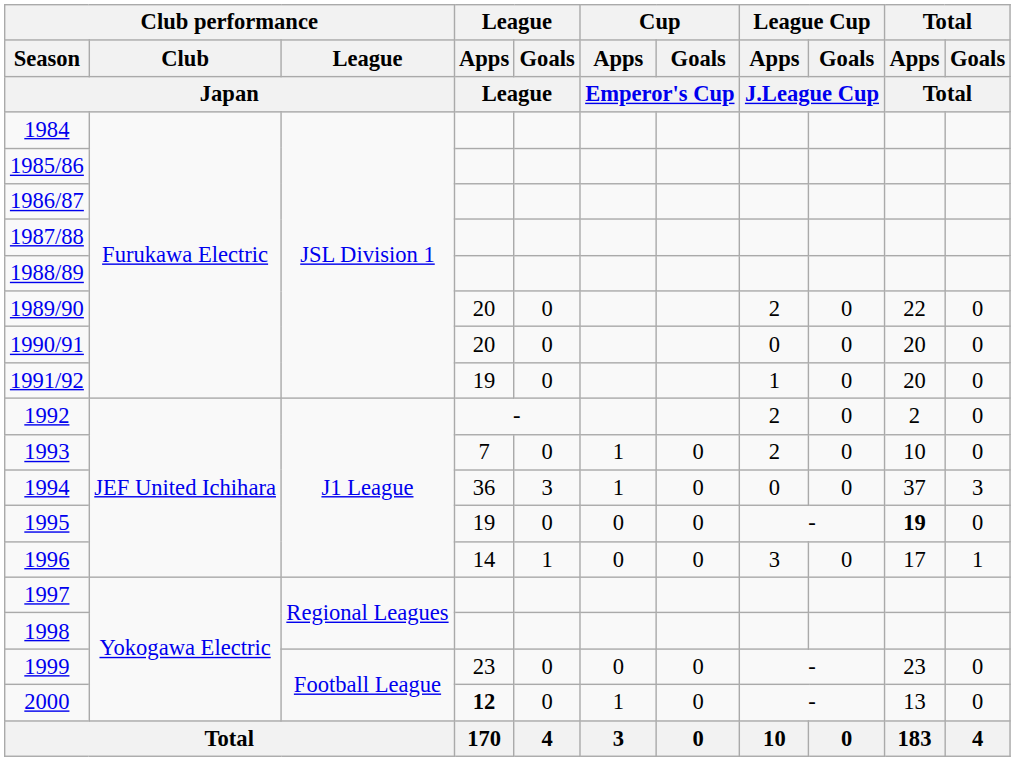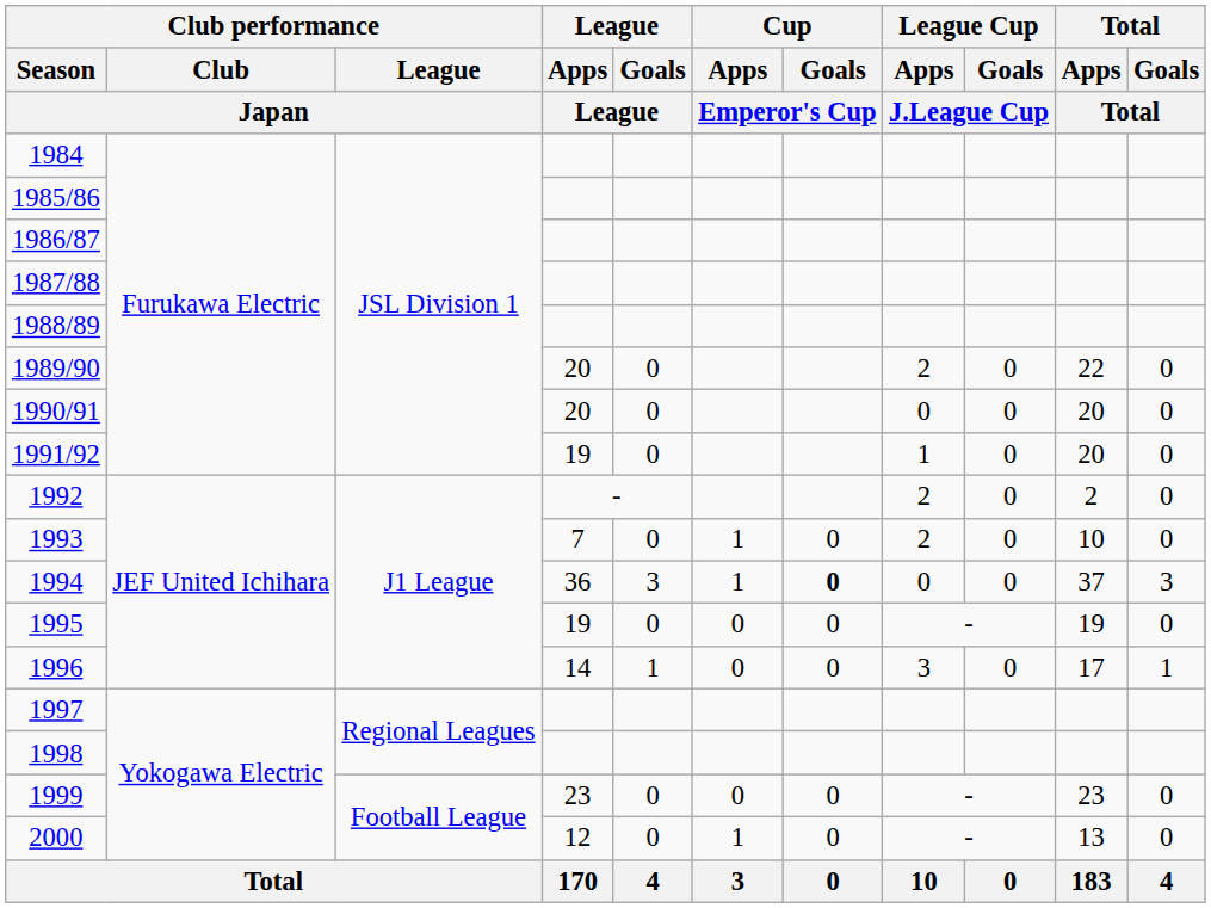 <table class="wikitable" style="text-align:center;">
 <tr>
 <th colspan=3>Club performance</th>
 <th colspan=2>League</th>
 <th colspan=2>Cup</th>
 <th colspan=2>League Cup</th>
 <th colspan=2>Total</th>
 </tr>
 <tr>
 <th>Season</th>
 <th>Club</th>
 <th>League</th>
 <th>Apps</th>
 <th>Goals</th>
 <th>Apps</th>
 <th>Goals</th>
 <th>Apps</th>
 <th>Goals</th>
 <th>Apps</th>
 <th>Goals</th>
 </tr>
 <tr>
 <th colspan=3>Japan</th>
 <th colspan=2>League</th>
 <th colspan=2><a href='#'>Emperor's Cup</a></th>
 <th colspan=2><a href='#'>J.League Cup</a></th>
 <th colspan=2>Total</th>
 </tr>
 <tr>
 <td><a href='#'>1984</a></td>
 <td rowspan="8"><a href='#'>Furukawa Electric</a></td>
 <td rowspan="8"><a href='#'>JSL Division 1</a></td>
 <td></td>
 <td></td>
 <td></td>
 <td></td>
 <td></td>
 <td></td>
 <td></td>
 <td></td>
 </tr>
 <tr>
 <td><a href='#'>1985/86</a></td>
 <td></td>
 <td></td>
 <td></td>
 <td></td>
 <td></td>
 <td></td>
 <td></td>
 <td></td>
 </tr>
 <tr>
 <td><a href='#'>1986/87</a></td>
 <td></td>
 <td></td>
 <td></td>
 <td></td>
 <td></td>
 <td></td>
 <td></td>
 <td></td>
 </tr>
 <tr>
 <td><a href='#'>1987/88</a></td>
 <td></td>
 <td></td>
 <td></td>
 <td></td>
 <td></td>
 <td></td>
 <td></td>
 <td></td>
 </tr>
 <tr>
 <td><a href='#'>1988/89</a></td>
 <td></td>
 <td></td>
 <td></td>
 <td></td>
 <td></td>
 <td></td>
 <td></td>
 <td></td>
 </tr>
 <tr>
 <td><a href='#'>1989/90</a></td>
 <td>20</td>
 <td>0</td>
 <td></td>
 <td></td>
 <td>2</td>
 <td>0</td>
 <td>22</td>
 <td>0</td>
 </tr>
 <tr>
 <td><a href='#'>1990/91</a></td>
 <td>20</td>
 <td>0</td>
 <td></td>
 <td></td>
 <td>0</td>
 <td>0</td>
 <td>20</td>
 <td>0</td>
 </tr>
 <tr>
 <td><a href='#'>1991/92</a></td>
 <td>19</td>
 <td>0</td>
 <td></td>
 <td></td>
 <td>1</td>
 <td>0</td>
 <td>20</td>
 <td>0</td>
 </tr>
 <tr>
 <td><a href='#'>1992</a></td>
 <td rowspan="5"><a href='#'>JEF United Ichihara</a></td>
 <td rowspan="5"><a href='#'>J1 League</a></td>
 <td colspan="2">-</td>
 <td></td>
 <td></td>
 <td>2</td>
 <td>0</td>
 <td>2</td>
 <td>0</td>
 </tr>
 <tr>
 <td><a href='#'>1993</a></td>
 <td>7</td>
 <td>0</td>
 <td>1</td>
 <td>0</td>
 <td>2</td>
 <td>0</td>
 <td>10</td>
 <td>0</td>
 </tr>
 <tr>
 <td><a href='#'>1994</a></td>
 <td>36</td>
 <td>3</td>
 <td>1</td>
-<td>0</td>
+<td><strong>0</strong></td>
 <td>0</td>
 <td>0</td>
 <td>37</td>
 <td>3</td>
 </tr>
 <tr>
 <td><a href='#'>1995</a></td>
 <td>19</td>
 <td>0</td>
 <td>0</td>
 <td>0</td>
 <td colspan="2">-</td>
-<td><strong>19</strong></td>
+<td>19</td>
 <td>0</td>
 </tr>
 <tr>
 <td><a href='#'>1996</a></td>
 <td>14</td>
 <td>1</td>
 <td>0</td>
 <td>0</td>
 <td>3</td>
 <td>0</td>
 <td>17</td>
 <td>1</td>
 </tr>
 <tr>
 <td><a href='#'>1997</a></td>
 <td rowspan="4"><a href='#'>Yokogawa Electric</a></td>
 <td rowspan="2"><a href='#'>Regional Leagues</a></td>
 <td></td>
 <td></td>
 <td></td>
 <td></td>
 <td></td>
 <td></td>
 <td></td>
 <td></td>
 </tr>
 <tr>
 <td><a href='#'>1998</a></td>
 <td></td>
 <td></td>
 <td></td>
 <td></td>
 <td></td>
 <td></td>
 <td></td>
 <td></td>
 </tr>
 <tr>
 <td><a href='#'>1999</a></td>
 <td rowspan="2"><a href='#'>Football League</a></td>
 <td>23</td>
 <td>0</td>
 <td>0</td>
 <td>0</td>
 <td colspan="2">-</td>
 <td>23</td>
 <td>0</td>
 </tr>
 <tr>
 <td><a href='#'>2000</a></td>
-<td><strong>12</strong></td>
+<td>12</td>
 <td>0</td>
 <td>1</td>
 <td>0</td>
 <td colspan="2">-</td>
 <td>13</td>
 <td>0</td>
 </tr>
 <tr>
 <th colspan=3>Total</th>
 <th>170</th>
 <th>4</th>
 <th>3</th>
 <th>0</th>
 <th>10</th>
 <th>0</th>
 <th>183</th>
 <th>4</th>
 </tr>
 </table>
